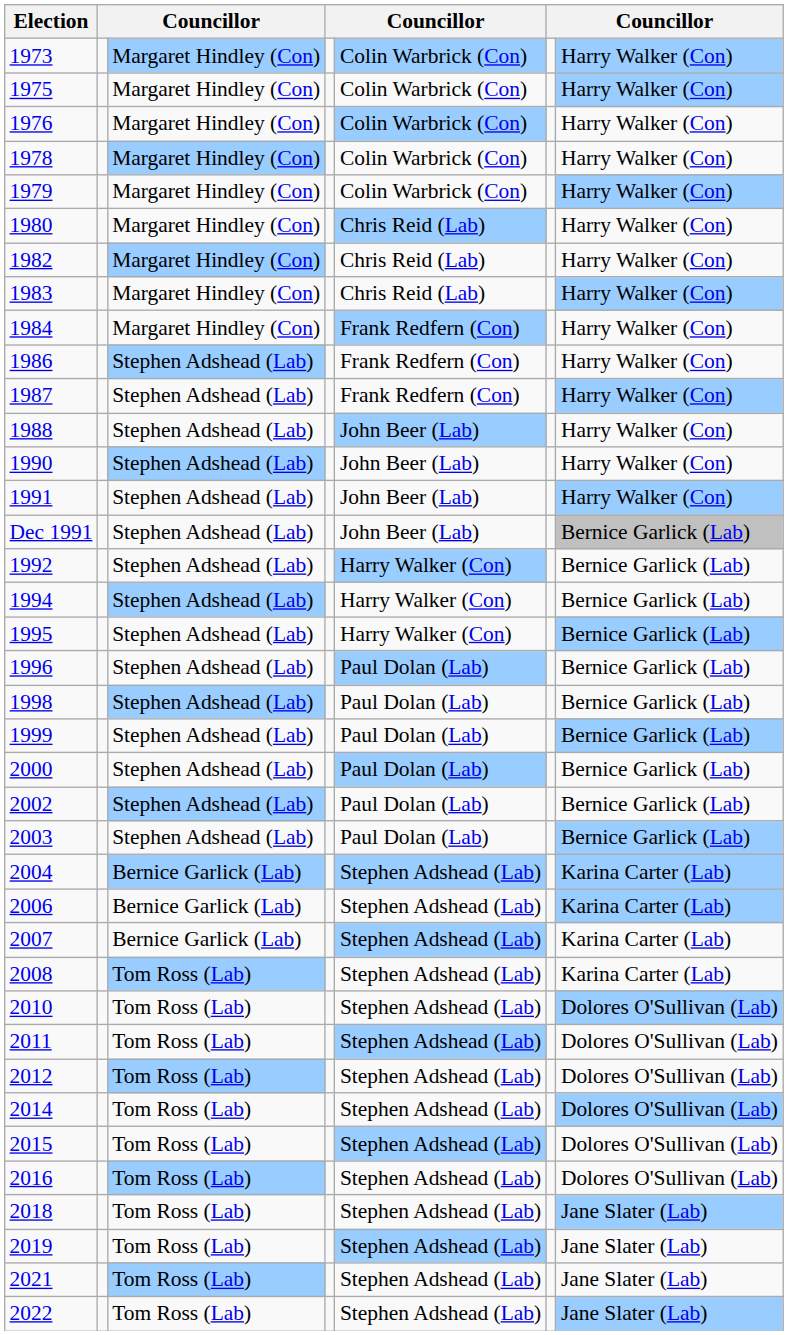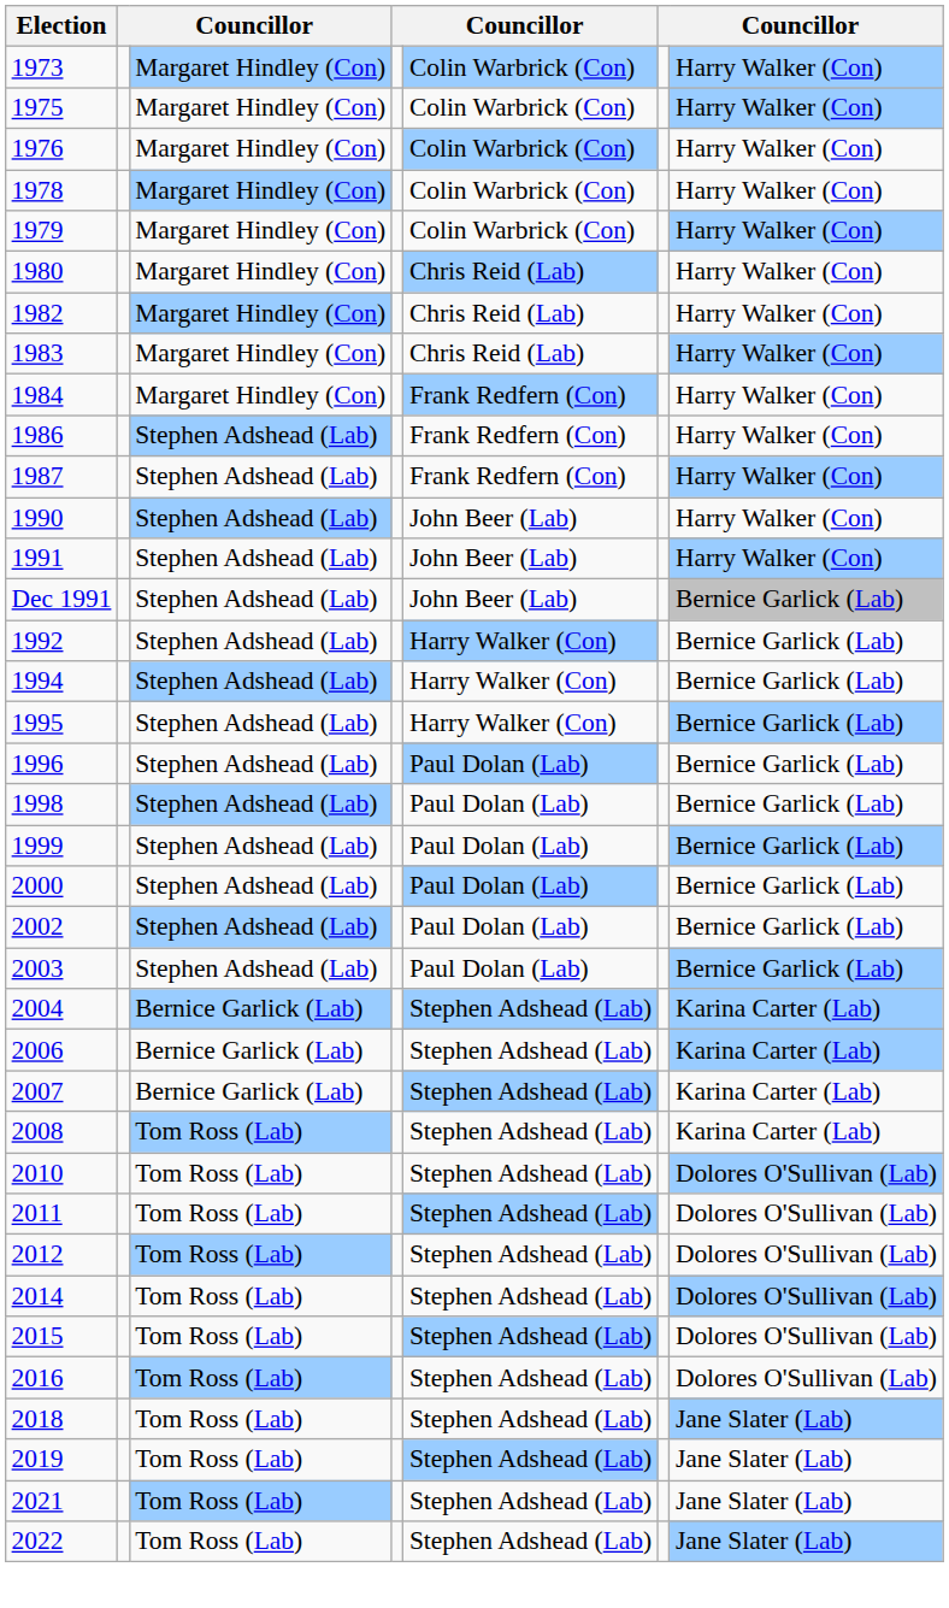 <table class="wikitable">
 <tr>
 <th>Election</th>
 <th colspan="2">Councillor</th>
 <th colspan="2">Councillor</th>
 <th colspan="2">Councillor</th>
 </tr>
 <tr>
 <td><a href='#'>1973</a></td>
 <td style="background-color: "></td>
 <td bgcolor="#99CCFF">Margaret Hindley (<a href='#'>Con</a>)</td>
 <td style="background-color: "></td>
 <td bgcolor="#99CCFF">Colin Warbrick (<a href='#'>Con</a>)</td>
 <td style="background-color: "></td>
 <td bgcolor="#99CCFF">Harry Walker (<a href='#'>Con</a>)</td>
 </tr>
 <tr>
 <td><a href='#'>1975</a></td>
 <td style="background-color: "></td>
 <td>Margaret Hindley (<a href='#'>Con</a>)</td>
 <td style="background-color: "></td>
 <td>Colin Warbrick (<a href='#'>Con</a>)</td>
 <td style="background-color: "></td>
 <td bgcolor="#99CCFF">Harry Walker (<a href='#'>Con</a>)</td>
 </tr>
 <tr>
 <td><a href='#'>1976</a></td>
 <td style="background-color: "></td>
 <td>Margaret Hindley (<a href='#'>Con</a>)</td>
 <td style="background-color: "></td>
 <td bgcolor="#99CCFF">Colin Warbrick (<a href='#'>Con</a>)</td>
 <td style="background-color: "></td>
 <td>Harry Walker (<a href='#'>Con</a>)</td>
 </tr>
 <tr>
 <td><a href='#'>1978</a></td>
 <td style="background-color: "></td>
 <td bgcolor="#99CCFF">Margaret Hindley (<a href='#'>Con</a>)</td>
 <td style="background-color: "></td>
 <td>Colin Warbrick (<a href='#'>Con</a>)</td>
 <td style="background-color: "></td>
 <td>Harry Walker (<a href='#'>Con</a>)</td>
 </tr>
 <tr>
 <td><a href='#'>1979</a></td>
 <td style="background-color: "></td>
 <td>Margaret Hindley (<a href='#'>Con</a>)</td>
 <td style="background-color: "></td>
 <td>Colin Warbrick (<a href='#'>Con</a>)</td>
 <td style="background-color: "></td>
 <td bgcolor="#99CCFF">Harry Walker (<a href='#'>Con</a>)</td>
 </tr>
 <tr>
 <td><a href='#'>1980</a></td>
 <td style="background-color: "></td>
 <td>Margaret Hindley (<a href='#'>Con</a>)</td>
 <td style="background-color: "></td>
 <td bgcolor="#99CCFF">Chris Reid (<a href='#'>Lab</a>)</td>
 <td style="background-color: "></td>
 <td>Harry Walker (<a href='#'>Con</a>)</td>
 </tr>
 <tr>
 <td><a href='#'>1982</a></td>
 <td style="background-color: "></td>
 <td bgcolor="#99CCFF">Margaret Hindley (<a href='#'>Con</a>)</td>
 <td style="background-color: "></td>
 <td>Chris Reid (<a href='#'>Lab</a>)</td>
 <td style="background-color: "></td>
 <td>Harry Walker (<a href='#'>Con</a>)</td>
 </tr>
 <tr>
 <td><a href='#'>1983</a></td>
 <td style="background-color: "></td>
 <td>Margaret Hindley (<a href='#'>Con</a>)</td>
 <td style="background-color: "></td>
 <td>Chris Reid (<a href='#'>Lab</a>)</td>
 <td style="background-color: "></td>
 <td bgcolor="#99CCFF">Harry Walker (<a href='#'>Con</a>)</td>
 </tr>
 <tr>
 <td><a href='#'>1984</a></td>
 <td style="background-color: "></td>
 <td>Margaret Hindley (<a href='#'>Con</a>)</td>
 <td style="background-color: "></td>
 <td bgcolor="#99CCFF">Frank Redfern (<a href='#'>Con</a>)</td>
 <td style="background-color: "></td>
 <td>Harry Walker (<a href='#'>Con</a>)</td>
 </tr>
 <tr>
 <td><a href='#'>1986</a></td>
 <td style="background-color: "></td>
 <td bgcolor="#99CCFF">Stephen Adshead (<a href='#'>Lab</a>)</td>
 <td style="background-color: "></td>
 <td>Frank Redfern (<a href='#'>Con</a>)</td>
 <td style="background-color: "></td>
 <td>Harry Walker (<a href='#'>Con</a>)</td>
 </tr>
 <tr>
 <td><a href='#'>1987</a></td>
 <td style="background-color: "></td>
 <td>Stephen Adshead (<a href='#'>Lab</a>)</td>
 <td style="background-color: "></td>
 <td>Frank Redfern (<a href='#'>Con</a>)</td>
 <td style="background-color: "></td>
 <td bgcolor="#99CCFF">Harry Walker (<a href='#'>Con</a>)</td>
-</tr>
-<tr>
-<td><a href='#'>1988</a></td>
-<td style="background-color: "></td>
-<td>Stephen Adshead (<a href='#'>Lab</a>)</td>
-<td style="background-color: "></td>
-<td bgcolor="#99CCFF">John Beer (<a href='#'>Lab</a>)</td>
-<td style="background-color: "></td>
-<td>Harry Walker (<a href='#'>Con</a>)</td>
 </tr>
 <tr>
 <td><a href='#'>1990</a></td>
 <td style="background-color: "></td>
 <td bgcolor="#99CCFF">Stephen Adshead (<a href='#'>Lab</a>)</td>
 <td style="background-color: "></td>
 <td>John Beer (<a href='#'>Lab</a>)</td>
 <td style="background-color: "></td>
 <td>Harry Walker (<a href='#'>Con</a>)</td>
 </tr>
 <tr>
 <td><a href='#'>1991</a></td>
 <td style="background-color: "></td>
 <td>Stephen Adshead (<a href='#'>Lab</a>)</td>
 <td style="background-color: "></td>
 <td>John Beer (<a href='#'>Lab</a>)</td>
 <td style="background-color: "></td>
 <td bgcolor="#99CCFF">Harry Walker (<a href='#'>Con</a>)</td>
 </tr>
 <tr>
 <td><a href='#'>Dec 1991</a></td>
 <td style="background-color: "></td>
 <td>Stephen Adshead (<a href='#'>Lab</a>)</td>
 <td style="background-color: "></td>
 <td>John Beer (<a href='#'>Lab</a>)</td>
 <td style="background-color: "></td>
 <td bgcolor="#C0C0C0">Bernice Garlick (<a href='#'>Lab</a>)</td>
 </tr>
 <tr>
 <td><a href='#'>1992</a></td>
 <td style="background-color: "></td>
 <td>Stephen Adshead (<a href='#'>Lab</a>)</td>
 <td style="background-color: "></td>
 <td bgcolor="#99CCFF">Harry Walker (<a href='#'>Con</a>)</td>
 <td style="background-color: "></td>
 <td>Bernice Garlick (<a href='#'>Lab</a>)</td>
 </tr>
 <tr>
 <td><a href='#'>1994</a></td>
 <td style="background-color: "></td>
 <td bgcolor="#99CCFF">Stephen Adshead (<a href='#'>Lab</a>)</td>
 <td style="background-color: "></td>
 <td>Harry Walker (<a href='#'>Con</a>)</td>
 <td style="background-color: "></td>
 <td>Bernice Garlick (<a href='#'>Lab</a>)</td>
 </tr>
 <tr>
 <td><a href='#'>1995</a></td>
 <td style="background-color: "></td>
 <td>Stephen Adshead (<a href='#'>Lab</a>)</td>
 <td style="background-color: "></td>
 <td>Harry Walker (<a href='#'>Con</a>)</td>
 <td style="background-color: "></td>
 <td bgcolor="#99CCFF">Bernice Garlick (<a href='#'>Lab</a>)</td>
 </tr>
 <tr>
 <td><a href='#'>1996</a></td>
 <td style="background-color: "></td>
 <td>Stephen Adshead (<a href='#'>Lab</a>)</td>
 <td style="background-color: "></td>
 <td bgcolor="#99CCFF">Paul Dolan (<a href='#'>Lab</a>)</td>
 <td style="background-color: "></td>
 <td>Bernice Garlick (<a href='#'>Lab</a>)</td>
 </tr>
 <tr>
 <td><a href='#'>1998</a></td>
 <td style="background-color: "></td>
 <td bgcolor="#99CCFF">Stephen Adshead (<a href='#'>Lab</a>)</td>
 <td style="background-color: "></td>
 <td>Paul Dolan (<a href='#'>Lab</a>)</td>
 <td style="background-color: "></td>
 <td>Bernice Garlick (<a href='#'>Lab</a>)</td>
 </tr>
 <tr>
 <td><a href='#'>1999</a></td>
 <td style="background-color: "></td>
 <td>Stephen Adshead (<a href='#'>Lab</a>)</td>
 <td style="background-color: "></td>
 <td>Paul Dolan (<a href='#'>Lab</a>)</td>
 <td style="background-color: "></td>
 <td bgcolor="#99CCFF">Bernice Garlick (<a href='#'>Lab</a>)</td>
 </tr>
 <tr>
 <td><a href='#'>2000</a></td>
 <td style="background-color: "></td>
 <td>Stephen Adshead (<a href='#'>Lab</a>)</td>
 <td style="background-color: "></td>
 <td bgcolor="#99CCFF">Paul Dolan (<a href='#'>Lab</a>)</td>
 <td style="background-color: "></td>
 <td>Bernice Garlick (<a href='#'>Lab</a>)</td>
 </tr>
 <tr>
 <td><a href='#'>2002</a></td>
 <td style="background-color: "></td>
 <td bgcolor="#99CCFF">Stephen Adshead (<a href='#'>Lab</a>)</td>
 <td style="background-color: "></td>
 <td>Paul Dolan (<a href='#'>Lab</a>)</td>
 <td style="background-color: "></td>
 <td>Bernice Garlick (<a href='#'>Lab</a>)</td>
 </tr>
 <tr>
 <td><a href='#'>2003</a></td>
 <td style="background-color: "></td>
 <td>Stephen Adshead (<a href='#'>Lab</a>)</td>
 <td style="background-color: "></td>
 <td>Paul Dolan (<a href='#'>Lab</a>)</td>
 <td style="background-color: "></td>
 <td bgcolor="#99CCFF">Bernice Garlick (<a href='#'>Lab</a>)</td>
 </tr>
 <tr>
 <td><a href='#'>2004</a></td>
 <td style="background-color: "></td>
 <td bgcolor="#99CCFF">Bernice Garlick (<a href='#'>Lab</a>)</td>
 <td style="background-color: "></td>
 <td bgcolor="#99CCFF">Stephen Adshead (<a href='#'>Lab</a>)</td>
 <td style="background-color: "></td>
 <td bgcolor="#99CCFF">Karina Carter (<a href='#'>Lab</a>)</td>
 </tr>
 <tr>
 <td><a href='#'>2006</a></td>
 <td style="background-color: "></td>
 <td>Bernice Garlick (<a href='#'>Lab</a>)</td>
 <td style="background-color: "></td>
 <td>Stephen Adshead (<a href='#'>Lab</a>)</td>
 <td style="background-color: "></td>
 <td bgcolor="#99CCFF">Karina Carter (<a href='#'>Lab</a>)</td>
 </tr>
 <tr>
 <td><a href='#'>2007</a></td>
 <td style="background-color: "></td>
 <td>Bernice Garlick (<a href='#'>Lab</a>)</td>
 <td style="background-color: "></td>
 <td bgcolor="#99CCFF">Stephen Adshead (<a href='#'>Lab</a>)</td>
 <td style="background-color: "></td>
 <td>Karina Carter (<a href='#'>Lab</a>)</td>
 </tr>
 <tr>
 <td><a href='#'>2008</a></td>
 <td style="background-color: "></td>
 <td bgcolor="#99CCFF">Tom Ross (<a href='#'>Lab</a>)</td>
 <td style="background-color: "></td>
 <td>Stephen Adshead (<a href='#'>Lab</a>)</td>
 <td style="background-color: "></td>
 <td>Karina Carter (<a href='#'>Lab</a>)</td>
 </tr>
 <tr>
 <td><a href='#'>2010</a></td>
 <td style="background-color: "></td>
 <td>Tom Ross (<a href='#'>Lab</a>)</td>
 <td style="background-color: "></td>
 <td>Stephen Adshead (<a href='#'>Lab</a>)</td>
 <td style="background-color: "></td>
 <td bgcolor="#99CCFF">Dolores O'Sullivan (<a href='#'>Lab</a>)</td>
 </tr>
 <tr>
 <td><a href='#'>2011</a></td>
 <td style="background-color: "></td>
 <td>Tom Ross (<a href='#'>Lab</a>)</td>
 <td style="background-color: "></td>
 <td bgcolor="#99CCFF">Stephen Adshead (<a href='#'>Lab</a>)</td>
 <td style="background-color: "></td>
 <td>Dolores O'Sullivan (<a href='#'>Lab</a>)</td>
 </tr>
 <tr>
 <td><a href='#'>2012</a></td>
 <td style="background-color: "></td>
 <td bgcolor="#99CCFF">Tom Ross (<a href='#'>Lab</a>)</td>
 <td style="background-color: "></td>
 <td>Stephen Adshead (<a href='#'>Lab</a>)</td>
 <td style="background-color: "></td>
 <td>Dolores O'Sullivan (<a href='#'>Lab</a>)</td>
 </tr>
 <tr>
 <td><a href='#'>2014</a></td>
 <td style="background-color: "></td>
 <td>Tom Ross (<a href='#'>Lab</a>)</td>
 <td style="background-color: "></td>
 <td>Stephen Adshead (<a href='#'>Lab</a>)</td>
 <td style="background-color: "></td>
 <td bgcolor="#99CCFF">Dolores O'Sullivan (<a href='#'>Lab</a>)</td>
 </tr>
 <tr>
 <td><a href='#'>2015</a></td>
 <td style="background-color: "></td>
 <td>Tom Ross (<a href='#'>Lab</a>)</td>
 <td style="background-color: "></td>
 <td bgcolor="#99CCFF">Stephen Adshead (<a href='#'>Lab</a>)</td>
 <td style="background-color: "></td>
 <td>Dolores O'Sullivan (<a href='#'>Lab</a>)</td>
 </tr>
 <tr>
 <td><a href='#'>2016</a></td>
 <td style="background-color: "></td>
 <td bgcolor="#99CCFF">Tom Ross (<a href='#'>Lab</a>)</td>
 <td style="background-color: "></td>
 <td>Stephen Adshead (<a href='#'>Lab</a>)</td>
 <td style="background-color: "></td>
 <td>Dolores O'Sullivan (<a href='#'>Lab</a>)</td>
 </tr>
 <tr>
 <td><a href='#'>2018</a></td>
 <td style="background-color: "></td>
 <td>Tom Ross (<a href='#'>Lab</a>)</td>
 <td style="background-color: "></td>
 <td>Stephen Adshead (<a href='#'>Lab</a>)</td>
 <td style="background-color: "></td>
 <td bgcolor="#99CCFF">Jane Slater (<a href='#'>Lab</a>)</td>
 </tr>
 <tr>
 <td><a href='#'>2019</a></td>
 <td style="background-color: "></td>
 <td>Tom Ross (<a href='#'>Lab</a>)</td>
 <td style="background-color: "></td>
 <td bgcolor="#99CCFF">Stephen Adshead (<a href='#'>Lab</a>)</td>
 <td style="background-color: "></td>
 <td>Jane Slater (<a href='#'>Lab</a>)</td>
 </tr>
 <tr>
 <td><a href='#'>2021</a></td>
 <td style="background-color: "></td>
 <td bgcolor="#99CCFF">Tom Ross (<a href='#'>Lab</a>)</td>
 <td style="background-color: "></td>
 <td>Stephen Adshead (<a href='#'>Lab</a>)</td>
 <td style="background-color: "></td>
 <td>Jane Slater (<a href='#'>Lab</a>)</td>
 </tr>
 <tr>
 <td><a href='#'>2022</a></td>
 <td style="background-color: "></td>
 <td>Tom Ross (<a href='#'>Lab</a>)</td>
 <td style="background-color: "></td>
 <td>Stephen Adshead (<a href='#'>Lab</a>)</td>
 <td style="background-color: "></td>
 <td bgcolor="#99CCFF">Jane Slater (<a href='#'>Lab</a>)</td>
 </tr>
 </table>
